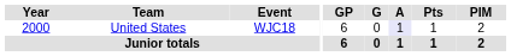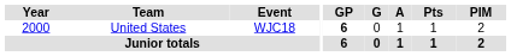 <table border="0" cellpadding="1" cellspacing="0" ID="Table3" style="text-align:center; width:40em">
 <tr ALIGN="center" bgcolor="#e0e0e0">
 <th>Year</th>
 <th>Team</th>
 <th>Event</th>
 <th rowspan="99" bgcolor="#ffffff"></th>
 <th>GP</th>
 <th>G</th>
 <th>A</th>
 <th>Pts</th>
 <th>PIM</th>
 </tr>
 <tr>
 <td><a href='#'>2000</a></td>
 <td><a href='#'>United States</a></td>
 <td><a href='#'>WJC18</a></td>
-<td>6</td>
+<td><strong>6</strong></td>
 <td>0</td>
-<td style="background: lavender;">1</td>
+<td>1</td>
 <td>1</td>
 <td>2</td>
 </tr>
 <tr bgcolor="#e0e0e0">
 <th colspan="3">Junior totals</th>
 <th>6</th>
 <th>0</th>
 <th>1</th>
 <th>1</th>
 <th>2</th>
 </tr>
 </table>
